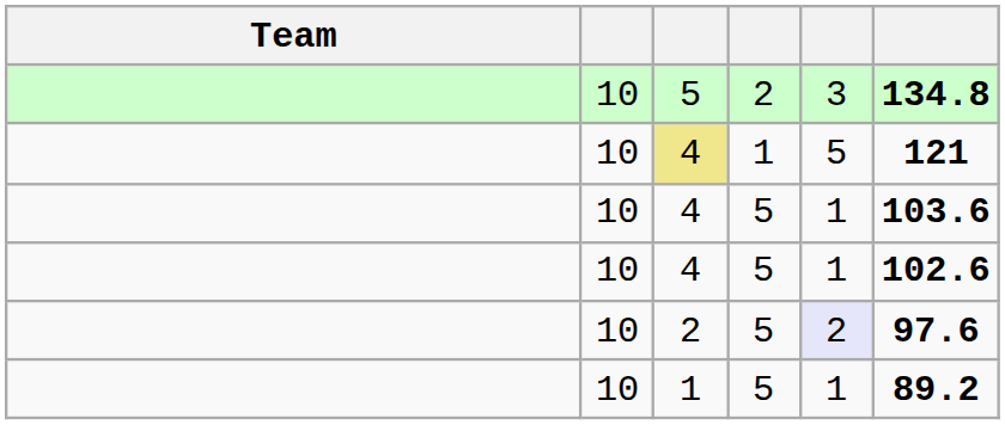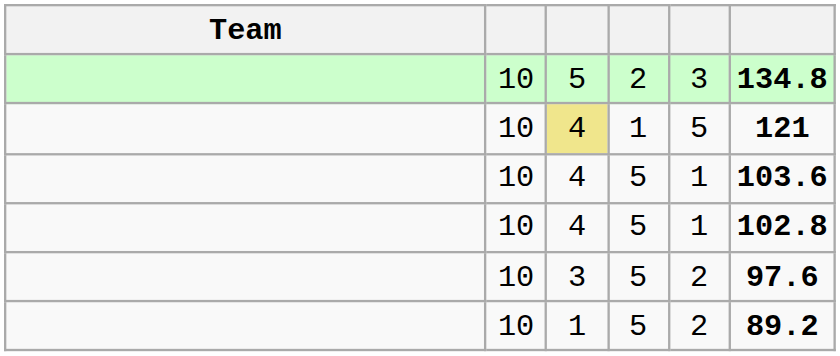 <table class="wikitable" style="text-align:center">
 <tr>
 <th style="width:200px">Team</th>
 <th width="20"></th>
 <th width="20"></th>
 <th width="20"></th>
 <th width="20"></th>
 <th width="20"></th>
 </tr>
 <tr style="background:#cfc">
 <td style="text-align:left;"></td>
 <td>10</td>
 <td>5</td>
 <td>2</td>
 <td>3</td>
 <td><strong>134.8</strong></td>
 </tr>
 <tr>
 <td style="text-align:left;"></td>
 <td>10</td>
 <td style="background: khaki;">4</td>
 <td>1</td>
 <td>5</td>
 <td><strong>121</strong></td>
 </tr>
 <tr>
 <td style="text-align:left;"></td>
 <td>10</td>
 <td>4</td>
 <td>5</td>
 <td>1</td>
 <td><strong>103.6</strong></td>
 </tr>
 <tr>
 <td style="text-align:left;"></td>
 <td>10</td>
 <td>4</td>
 <td>5</td>
 <td>1</td>
-<td><strong>102.6</strong></td>
+<td><strong>102.8</strong></td>
 </tr>
 <tr>
 <td style="text-align:left;"></td>
 <td>10</td>
+<td>3</td>
+<td>5</td>
 <td>2</td>
-<td>5</td>
-<td style="background: lavender;">2</td>
 <td><strong>97.6</strong></td>
 </tr>
 <tr>
 <td style="text-align:left;"></td>
 <td>10</td>
 <td>1</td>
 <td>5</td>
-<td>1</td>
+<td>2</td>
 <td><strong>89.2</strong></td>
 </tr>
 </table>
